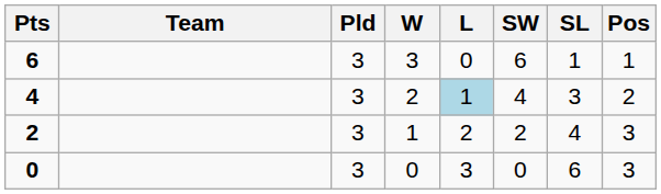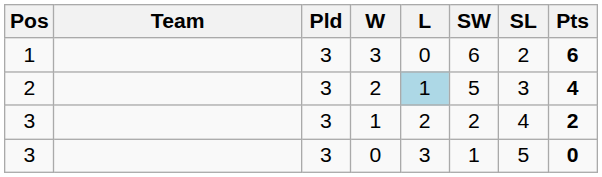 <table class="wikitable" style="text-align: center;">
 <tr>
-<th width="30">Pts</th>
+<th width="30">Pos</th>
 <th width="180">Team</th>
 <th width="30">Pld</th>
 <th width="30">W</th>
 <th width="30">L</th>
 <th width="30">SW</th>
 <th width="30">SL</th>
-<th width="30">Pos</th>
+<th width="30">Pts</th>
 </tr>
 <tr>
-<td><strong>6</strong></td>
+<td>1</td>
 <td align="left"></td>
 <td>3</td>
 <td>3</td>
 <td>0</td>
 <td>6</td>
-<td>1</td>
-<td>1</td>
+<td>2</td>
+<td><strong>6</strong></td>
 </tr>
 <tr>
-<td><strong>4</strong></td>
+<td>2</td>
 <td align="left"></td>
 <td>3</td>
 <td>2</td>
 <td style="background: lightblue;">1</td>
-<td>4</td>
+<td>5</td>
 <td>3</td>
-<td>2</td>
+<td><strong>4</strong></td>
 </tr>
 <tr>
-<td><strong>2</strong></td>
+<td>3</td>
 <td align="left"></td>
 <td>3</td>
 <td>1</td>
 <td>2</td>
 <td>2</td>
 <td>4</td>
-<td>3</td>
+<td><strong>2</strong></td>
 </tr>
 <tr>
-<td><strong>0</strong></td>
+<td>3</td>
 <td align="left"></td>
 <td>3</td>
 <td>0</td>
 <td>3</td>
-<td>0</td>
-<td>6</td>
-<td>3</td>
+<td>1</td>
+<td>5</td>
+<td><strong>0</strong></td>
 </tr>
 </table>
